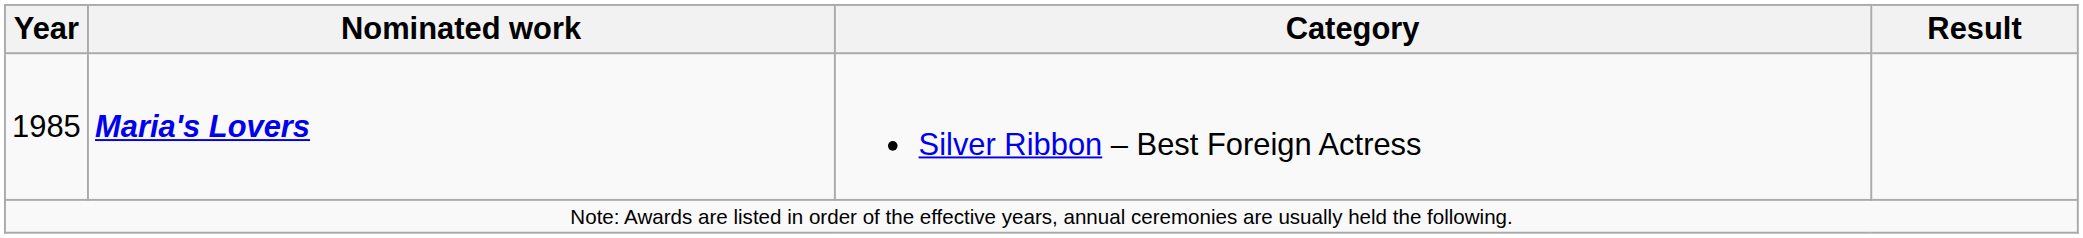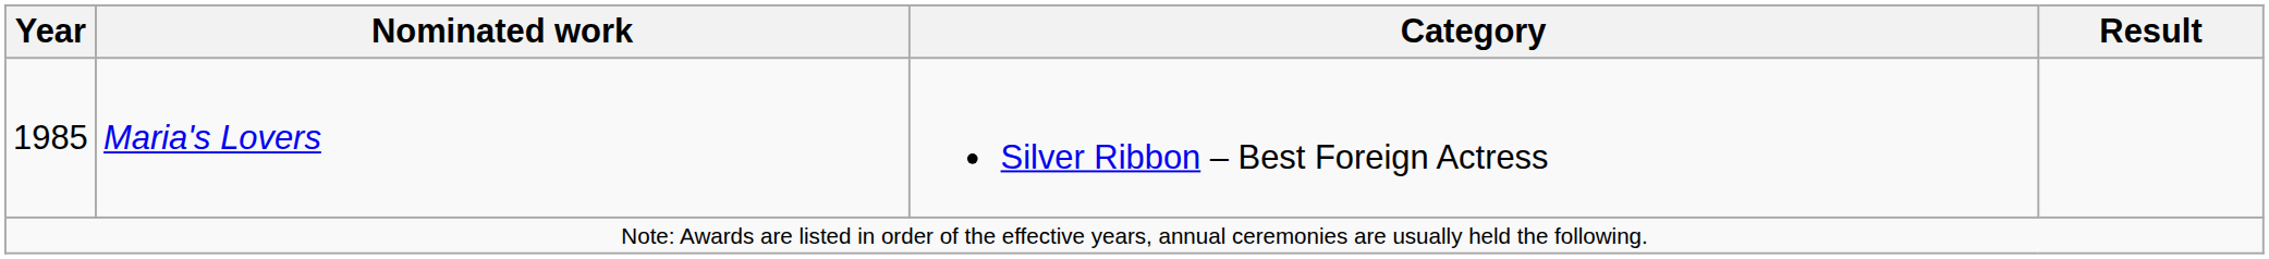 <table class=wikitable>
 <tr>
 <th width=4%>Year</th>
 <th width=36%>Nominated work</th>
 <th width=50%>Category</th>
 <th width=10%>Result</th>
 </tr>
 <tr>
 <td>1985</td>
-<td><strong><em><a href='#'>Maria's Lovers</a></em></strong></td>
+<td><em><a href='#'>Maria's Lovers</a></em></td>
 <td><br><ul><li><a href='#'>Silver Ribbon</a> – Best Foreign Actress</li></ul></td>
 <td></td>
 </tr>
 <tr>
 <td colspan=4 width=100% style=font-size:8pt align=center>Note: Awards are listed in order of the effective years, annual ceremonies are usually held the following.</td>
 </tr>
 </table>
